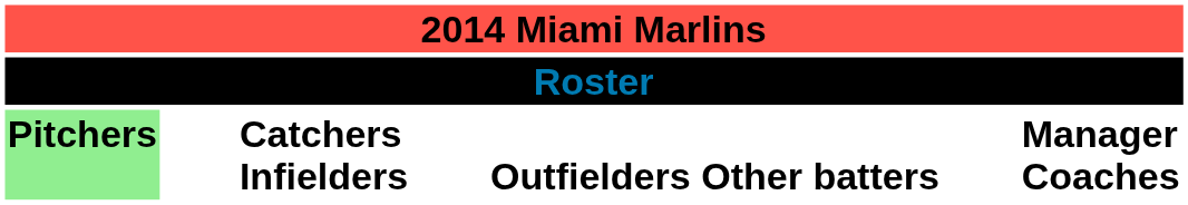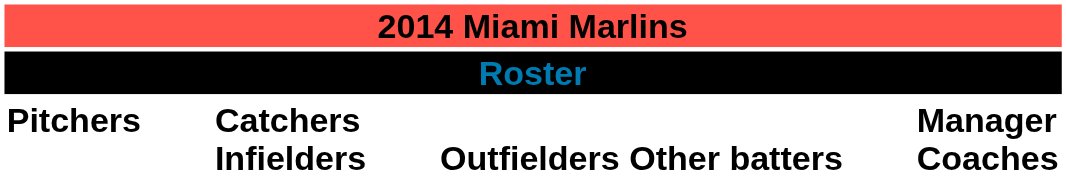 <table class="toccolours" style="font-size: 95%;">
 <tr>
 <th colspan="10" style="background:#FF5349; color:black; text-align:center;">2014 Miami Marlins</th>
 </tr>
 <tr>
 <td colspan="10" style="background:black; color:#007BB2;  text-align:center;"><strong>Roster</strong></td>
 </tr>
 <tr>
-<td valign="top" style="background: lightgreen;"><strong>Pitchers</strong><br>                        </td>
+<td valign="top"><strong>Pitchers</strong><br>                        </td>
 <td style="width:25px;"></td>
 <td valign="top"><strong>Catchers</strong><br>   <strong>Infielders</strong>          </td>
 <td style="width:25px;"></td>
 <td valign="top"><br><strong>Outfielders</strong>       <strong>Other batters</strong> </td>
 <td style="width:25px;"></td>
 <td valign="top"><strong>Manager</strong><br> <strong>Coaches</strong>                 </td>
 </tr>
 </table>
